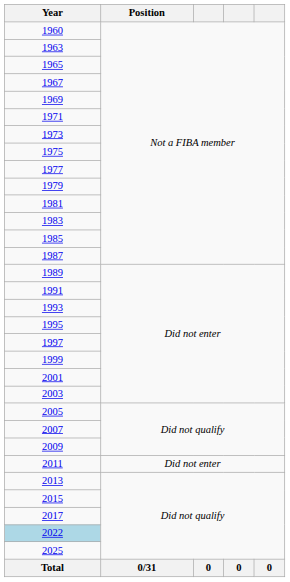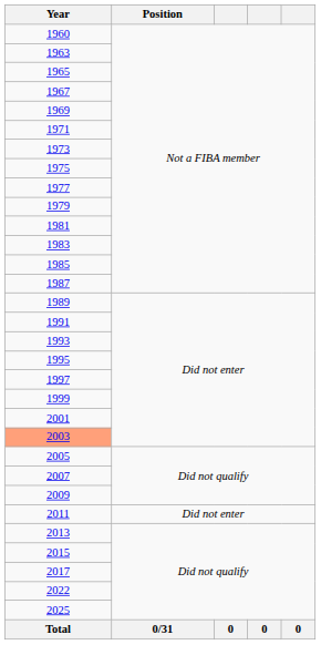 <table class="wikitable" style="text-align: center;font-size:90%;">
 <tr>
 <th width=125>Year</th>
 <th width=120>Position</th>
 <th width=35></th>
 <th width=35></th>
 <th width=35></th>
 </tr>
 <tr>
 <td> <a href='#'>1960</a></td>
 <td rowspan=14 colspan=4><em>Not a FIBA member</em></td>
 </tr>
 <tr>
 <td> <a href='#'>1963</a></td>
 </tr>
 <tr>
 <td> <a href='#'>1965</a></td>
 </tr>
 <tr>
 <td> <a href='#'>1967</a></td>
 </tr>
 <tr>
 <td> <a href='#'>1969</a></td>
 </tr>
 <tr>
 <td> <a href='#'>1971</a></td>
 </tr>
 <tr>
 <td> <a href='#'>1973</a></td>
 </tr>
 <tr>
 <td> <a href='#'>1975</a></td>
 </tr>
 <tr>
 <td> <a href='#'>1977</a></td>
 </tr>
 <tr>
 <td> <a href='#'>1979</a></td>
 </tr>
 <tr>
 <td> <a href='#'>1981</a></td>
 </tr>
 <tr>
 <td> <a href='#'>1983</a></td>
 </tr>
 <tr>
 <td> <a href='#'>1985</a></td>
 </tr>
 <tr>
 <td> <a href='#'>1987</a></td>
 </tr>
 <tr>
 <td> <a href='#'>1989</a></td>
 <td rowspan=8 colspan=4><em>Did not enter</em></td>
 </tr>
 <tr>
 <td> <a href='#'>1991</a></td>
 </tr>
 <tr>
 <td> <a href='#'>1993</a></td>
 </tr>
 <tr>
 <td> <a href='#'>1995</a></td>
 </tr>
 <tr>
 <td> <a href='#'>1997</a></td>
 </tr>
 <tr>
 <td> <a href='#'>1999</a></td>
 </tr>
 <tr>
 <td> <a href='#'>2001</a></td>
 </tr>
 <tr>
-<td> <a href='#'>2003</a></td>
+<td style="background: lightsalmon;"> <a href='#'>2003</a></td>
 </tr>
 <tr>
 <td> <a href='#'>2005</a></td>
 <td rowspan=3 colspan=4><em>Did not qualify</em></td>
 </tr>
 <tr>
 <td> <a href='#'>2007</a></td>
 </tr>
 <tr>
 <td> <a href='#'>2009</a></td>
 </tr>
 <tr>
 <td> <a href='#'>2011</a></td>
 <td colspan=4><em>Did not enter</em></td>
 </tr>
 <tr>
 <td> <a href='#'>2013</a></td>
 <td rowspan=5 colspan=4><em>Did not qualify</em></td>
 </tr>
 <tr>
 <td> <a href='#'>2015</a></td>
 </tr>
 <tr>
 <td> <a href='#'>2017</a></td>
 </tr>
 <tr>
-<td style="background: lightblue;"> <a href='#'>2022</a></td>
+<td> <a href='#'>2022</a></td>
 </tr>
 <tr>
 <td> <a href='#'>2025</a></td>
 </tr>
 <tr>
 <th>Total</th>
 <th>0/31</th>
 <th>0</th>
 <th>0</th>
 <th>0</th>
 </tr>
 </table>
